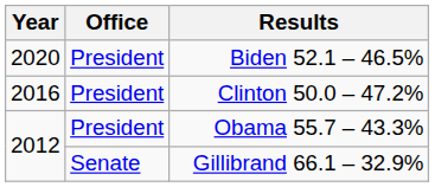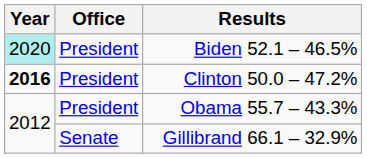 <table class=wikitable>
 <tr>
 <th width="30">Year</th>
 <th width="60">Office</th>
 <th width="180">Results</th>
 </tr>
 <tr>
-<td>2020</td>
+<td style="background: paleturquoise;">2020</td>
 <td><a href='#'>President</a></td>
 <td align="right" ><a href='#'>Biden</a> 52.1 – 46.5%</td>
 </tr>
 <tr>
-<td>2016</td>
+<td><strong>2016</strong></td>
 <td><a href='#'>President</a></td>
 <td align="right" ><a href='#'>Clinton</a> 50.0 – 47.2%</td>
 </tr>
 <tr>
 <td rowspan="2">2012</td>
 <td><a href='#'>President</a></td>
 <td align="right" ><a href='#'>Obama</a> 55.7 – 43.3%</td>
 </tr>
 <tr>
 <td><a href='#'>Senate</a></td>
 <td align="right" ><a href='#'>Gillibrand</a> 66.1 – 32.9%</td>
 </tr>
 </table>
